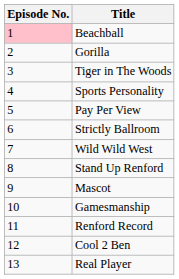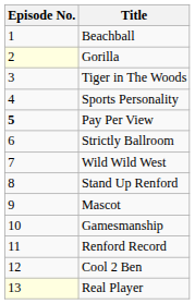 <table class="wikitable" border="1">
 <tr>
 <th>Episode No.</th>
 <th>Title</th>
 </tr>
 <tr>
-<td style="background: pink;">1</td>
+<td>1</td>
 <td>Beachball</td>
 </tr>
 <tr>
-<td>2</td>
+<td style="background: lightyellow;">2</td>
 <td>Gorilla</td>
 </tr>
 <tr>
 <td>3</td>
 <td>Tiger in The Woods</td>
 </tr>
 <tr>
 <td>4</td>
 <td>Sports Personality</td>
 </tr>
 <tr>
-<td>5</td>
+<td><strong>5</strong></td>
 <td>Pay Per View</td>
 </tr>
 <tr>
 <td>6</td>
 <td>Strictly Ballroom</td>
 </tr>
 <tr>
 <td>7</td>
 <td>Wild Wild West</td>
 </tr>
 <tr>
 <td>8</td>
 <td>Stand Up Renford</td>
 </tr>
 <tr>
 <td>9</td>
 <td>Mascot</td>
 </tr>
 <tr>
 <td>10</td>
 <td>Gamesmanship</td>
 </tr>
 <tr>
 <td>11</td>
 <td>Renford Record</td>
 </tr>
 <tr>
 <td>12</td>
 <td>Cool 2 Ben</td>
 </tr>
 <tr>
-<td>13</td>
+<td style="background: lightyellow;">13</td>
 <td>Real Player</td>
 </tr>
 </table>
